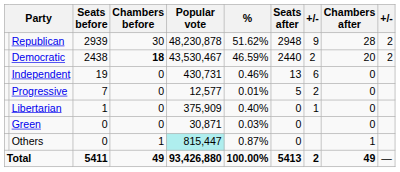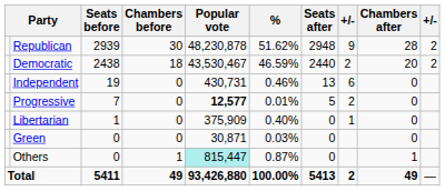 <table class="wikitable">
 <tr>
 <th colspan="2">Party</th>
 <th>Seats<br>before</th>
 <th>Chambers<br>before</th>
 <th>Popular<br>vote</th>
 <th>%</th>
 <th>Seats<br>after</th>
 <th>+/-</th>
 <th>Chambers<br>after</th>
 <th>+/-</th>
 </tr>
 <tr>
 <td style="background:"></td>
 <td><a href='#'>Republican</a></td>
 <td align="right">2939</td>
 <td align="right">30</td>
 <td align="right">48,230,878</td>
 <td align="right">51.62%</td>
 <td align="right">2948</td>
 <td align="right"> 9</td>
 <td align="right">28</td>
 <td align="right"> 2</td>
 </tr>
 <tr>
 <td style="background:"></td>
 <td><a href='#'>Democratic</a></td>
 <td align="right">2438</td>
-<td align="right"><strong>18</strong></td>
+<td align="right">18</td>
 <td align="right">43,530,467</td>
 <td align="right">46.59%</td>
 <td align="right">2440</td>
 <td align="center"> 2</td>
 <td align="right">20</td>
 <td align="right"> 2</td>
 </tr>
 <tr>
 <td style="background:"></td>
 <td><a href='#'>Independent</a></td>
 <td align="right">19</td>
 <td align="right">0</td>
 <td align="right">430,731</td>
 <td align="right">0.46%</td>
 <td align="right">13</td>
 <td align="right"> 6</td>
 <td align="right">0</td>
 <td align="center"></td>
 </tr>
 <tr>
 <td style="background:"></td>
 <td><a href='#'>Progressive</a></td>
 <td align="right">7</td>
 <td align="right">0</td>
-<td align="right">12,577</td>
+<td align="right"><strong>12,577</strong></td>
 <td align="right">0.01%</td>
 <td align="right">5</td>
 <td align="right"> 2</td>
 <td align="right">0</td>
 <td align="center"></td>
 </tr>
 <tr>
 <td style="background:"></td>
 <td><a href='#'>Libertarian</a></td>
 <td align="right">1</td>
 <td align="right">0</td>
 <td align="right">375,909</td>
 <td align="right">0.40%</td>
 <td align="right">0</td>
 <td align="right"> 1</td>
 <td align="right">0</td>
 <td align="center"></td>
 </tr>
 <tr>
 <td style="background:"></td>
 <td><a href='#'>Green</a></td>
 <td align="right">0</td>
 <td align="right">0</td>
 <td align="right">30,871</td>
 <td align="right">0.03%</td>
 <td align="right">0</td>
 <td align="center"></td>
 <td align="right">0</td>
 <td align="center"></td>
 </tr>
 <tr>
 <td></td>
 <td>Others</td>
 <td align="right">0</td>
 <td align="right">1</td>
 <td align="right" style="background: paleturquoise;">815,447</td>
 <td align="right">0.87%</td>
 <td align="right">0</td>
 <td align="center"></td>
 <td align="right">1</td>
 <td align="center"></td>
 </tr>
 <tr>
 <td colspan="2"><strong>Total</strong></td>
 <td align="right"><strong>5411</strong></td>
 <td align="right"><strong>49</strong></td>
 <td><strong>93,426,880</strong></td>
 <td><strong>100.00%</strong></td>
 <td align="right"><strong>5413</strong></td>
 <td align="right"> <strong>2</strong></td>
 <td align="right"><strong>49</strong></td>
 <td align="center">—</td>
 </tr>
 </table>
